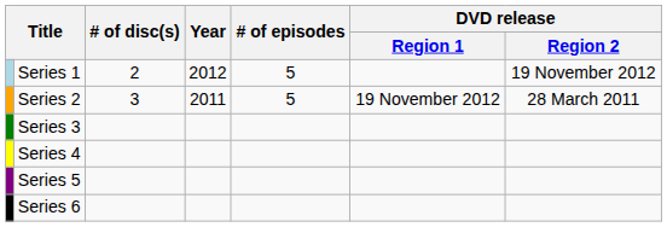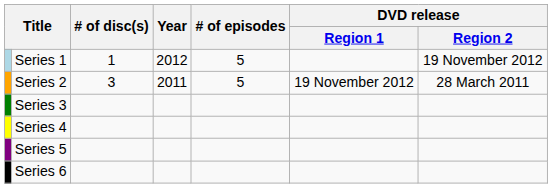 <table class="wikitable"  style="width:99%; left:0 auto; text-align:center;">
 <tr>
 <th colspan="2" rowspan="2">Title</th>
 <th rowspan="2"># of disc(s)</th>
 <th rowspan="2">Year</th>
 <th rowspan="2"># of episodes</th>
 <th colspan="2">DVD release</th>
 </tr>
 <tr>
 <th><a href='#'>Region 1</a></th>
 <th><a href='#'>Region 2</a></th>
 </tr>
 <tr>
 <td style="background:lightblue;"></td>
 <td>Series 1</td>
-<td>2</td>
+<td>1</td>
 <td>2012</td>
 <td>5</td>
 <td></td>
 <td>19 November 2012</td>
 </tr>
 <tr>
 <td style="background:orange;"></td>
 <td>Series 2</td>
 <td>3</td>
 <td>2011</td>
 <td>5</td>
 <td>19 November 2012</td>
 <td>28 March 2011</td>
 </tr>
 <tr>
 <td style="background:green;"></td>
 <td>Series 3</td>
 <td></td>
 <td></td>
 <td></td>
 <td></td>
 <td></td>
 </tr>
 <tr>
 <td style="background:yellow;"></td>
 <td>Series 4</td>
 <td></td>
 <td></td>
 <td></td>
 <td></td>
 <td></td>
 </tr>
 <tr>
 <td style="background:purple;"></td>
 <td>Series 5</td>
 <td></td>
 <td></td>
 <td></td>
 <td></td>
 <td></td>
 </tr>
 <tr>
 <td style="background:Black;"></td>
 <td>Series 6</td>
 <td></td>
 <td></td>
 <td></td>
 <td></td>
 <td></td>
 </tr>
 </table>
